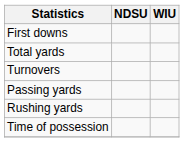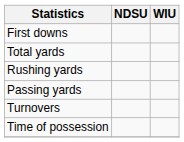 <table class="wikitable" style="float: left;">
 <tr>
 <th>Statistics</th>
 <th>NDSU</th>
 <th>WIU</th>
 </tr>
 <tr>
 <td>First downs</td>
 <td></td>
 <td></td>
 </tr>
 <tr>
 <td>Total yards</td>
 <td></td>
 <td></td>
 </tr>
 <tr>
-<td>Turnovers</td>
+<td>Rushing yards</td>
 <td></td>
 <td></td>
 </tr>
 <tr>
 <td>Passing yards</td>
 <td></td>
 <td></td>
 </tr>
 <tr>
-<td>Rushing yards</td>
+<td>Turnovers</td>
 <td></td>
 <td></td>
 </tr>
 <tr>
 <td>Time of possession</td>
 <td></td>
 <td></td>
 </tr>
 <tr>
 </tr>
 </table>
